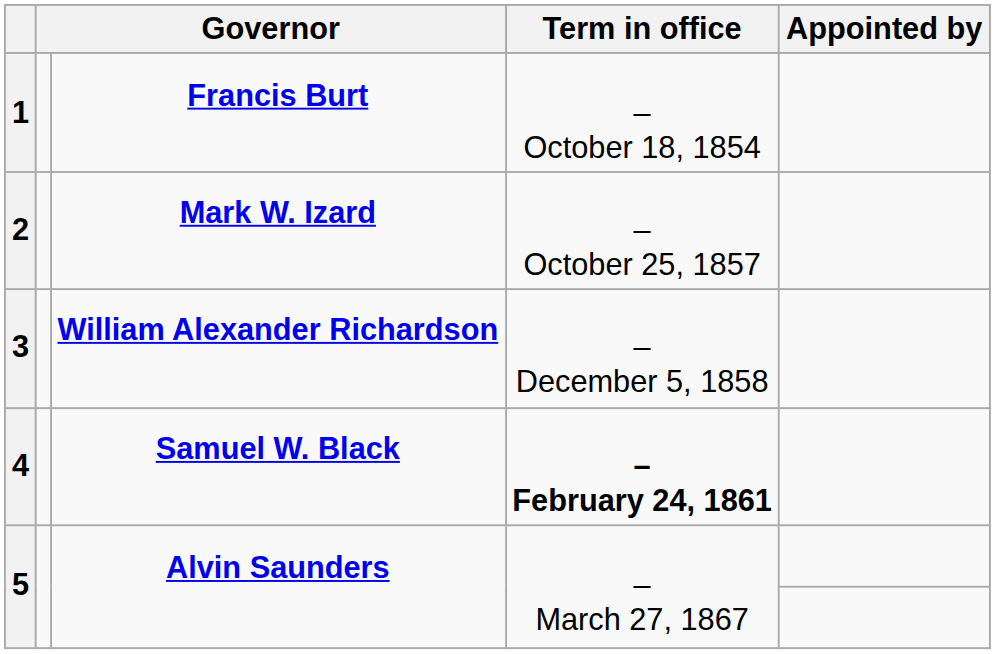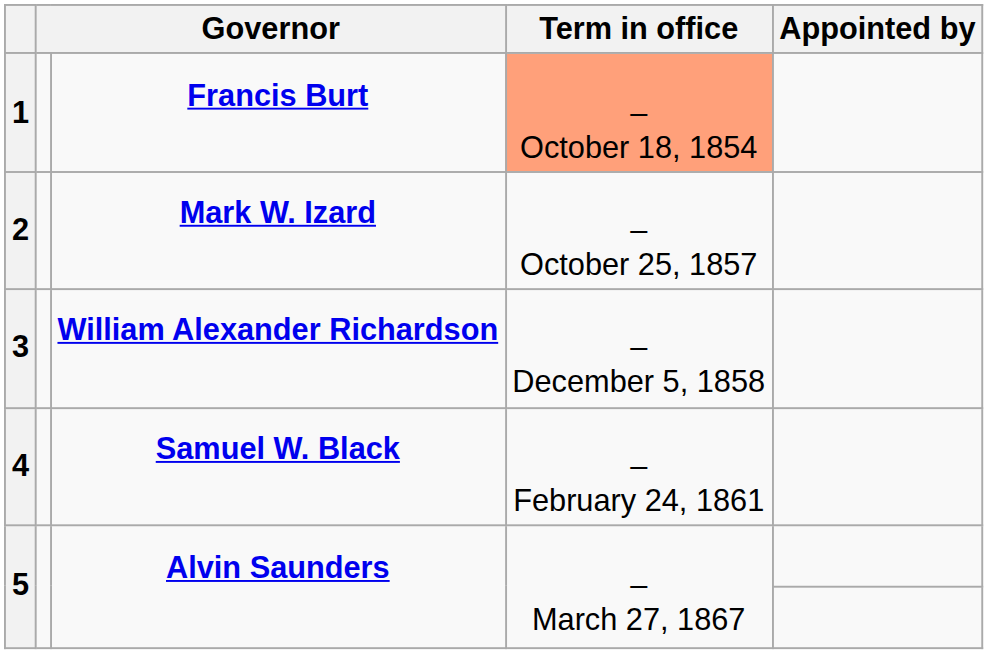 <table class="wikitable sortable" style="text-align:center;">
 <tr>
 <th scope="col" data-sort-type="number"></th>
 <th scope="colgroup" colspan="2">Governor</th>
 <th scope="col">Term in office</th>
 <th scope="col">Appointed by</th>
 </tr>
 <tr style="height:2em;">
 <th scope="row">1</th>
 <td data-sort-value="Burt, Francis"></td>
 <td><strong><a href='#'>Francis Burt</a></strong><br><br></td>
-<td><br>–<br>October 18, 1854<br></td>
+<td style="background: lightsalmon;"><br>–<br>October 18, 1854<br></td>
 <td></td>
 </tr>
 <tr style="height:2em;">
 <th scope="row">2</th>
 <td data-sort-value="Izard, Mark"></td>
 <td><strong><a href='#'>Mark W. Izard</a></strong><br><br></td>
 <td><br>–<br>October 25, 1857<br></td>
 <td></td>
 </tr>
 <tr style="height:2em;">
 <th scope="row">3</th>
 <td data-sort-value="Richardson, William"></td>
 <td><strong><a href='#'>William Alexander Richardson</a></strong><br><br></td>
 <td><br>–<br>December 5, 1858<br></td>
 <td></td>
 </tr>
 <tr style="height:2em;">
 <th scope="row">4</th>
 <td data-sort-value="Black, Samuel"></td>
 <td><strong><a href='#'>Samuel W. Black</a></strong><br><br></td>
-<td><strong><br>–<br>February 24, 1861<br></strong></td>
+<td><br>–<br>February 24, 1861<br></td>
 <td></td>
 </tr>
 <tr style="height:2em;">
 <th rowspan="2" scope="rowgroup">5</th>
 <td rowspan="2" data-sort-value="Saunders, Alvin"></td>
 <td rowspan="2"><strong><a href='#'>Alvin Saunders</a></strong><br><br></td>
 <td rowspan="2"><br>–<br>March 27, 1867<br></td>
 <td></td>
 </tr>
 <tr style="height:2em;">
 <td></td>
 </tr>
 </table>
